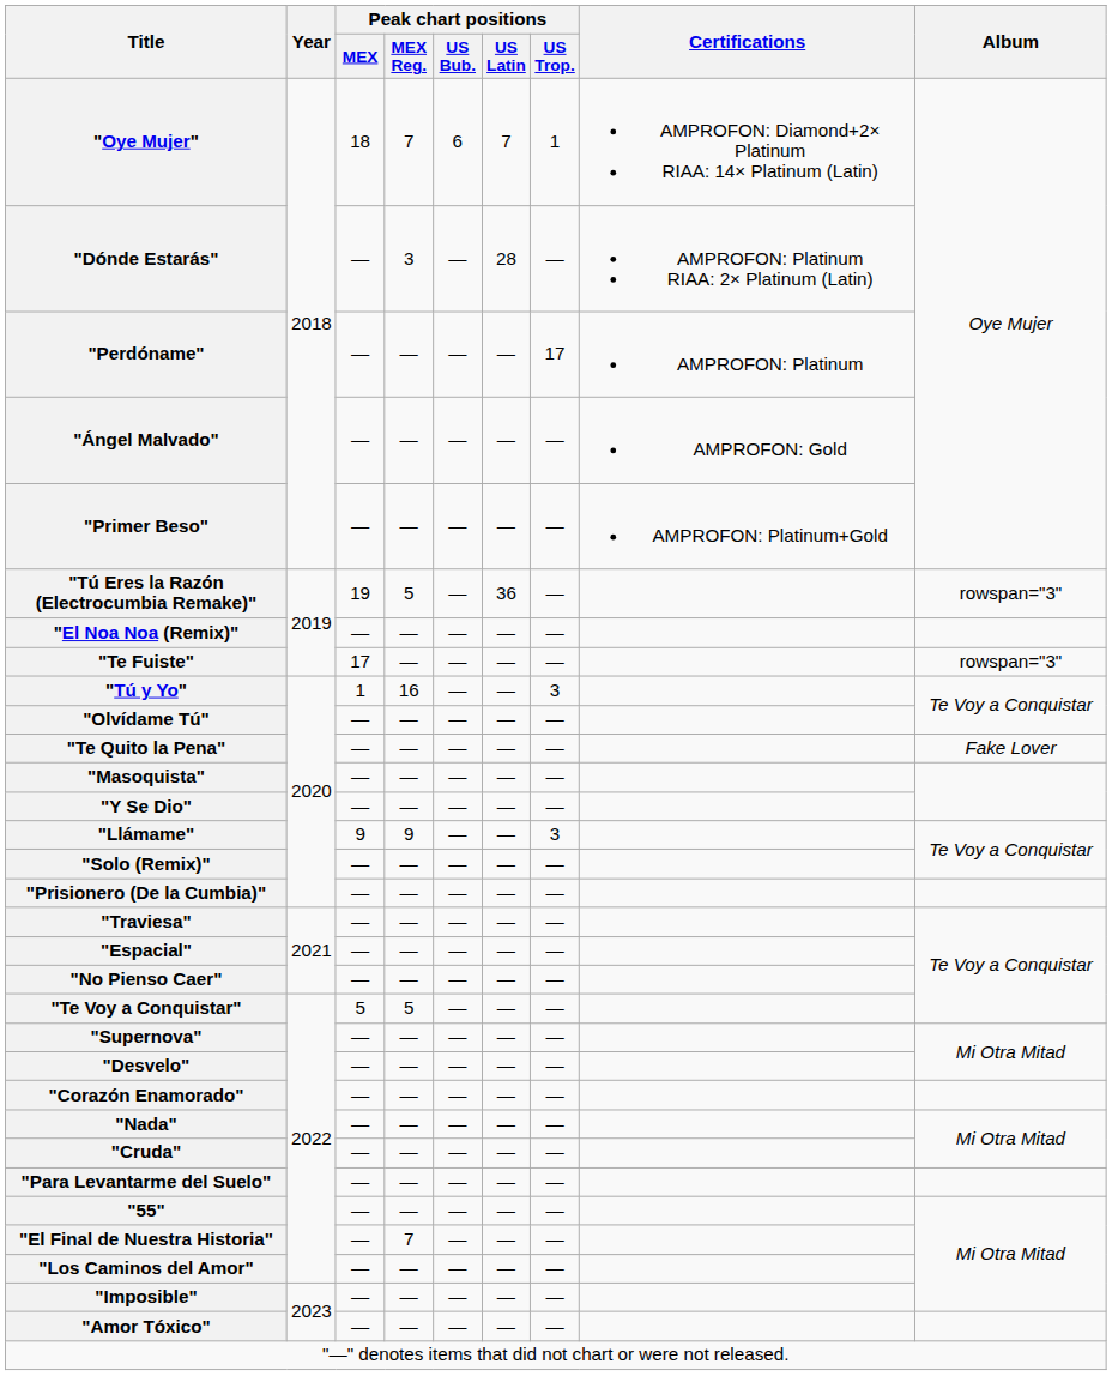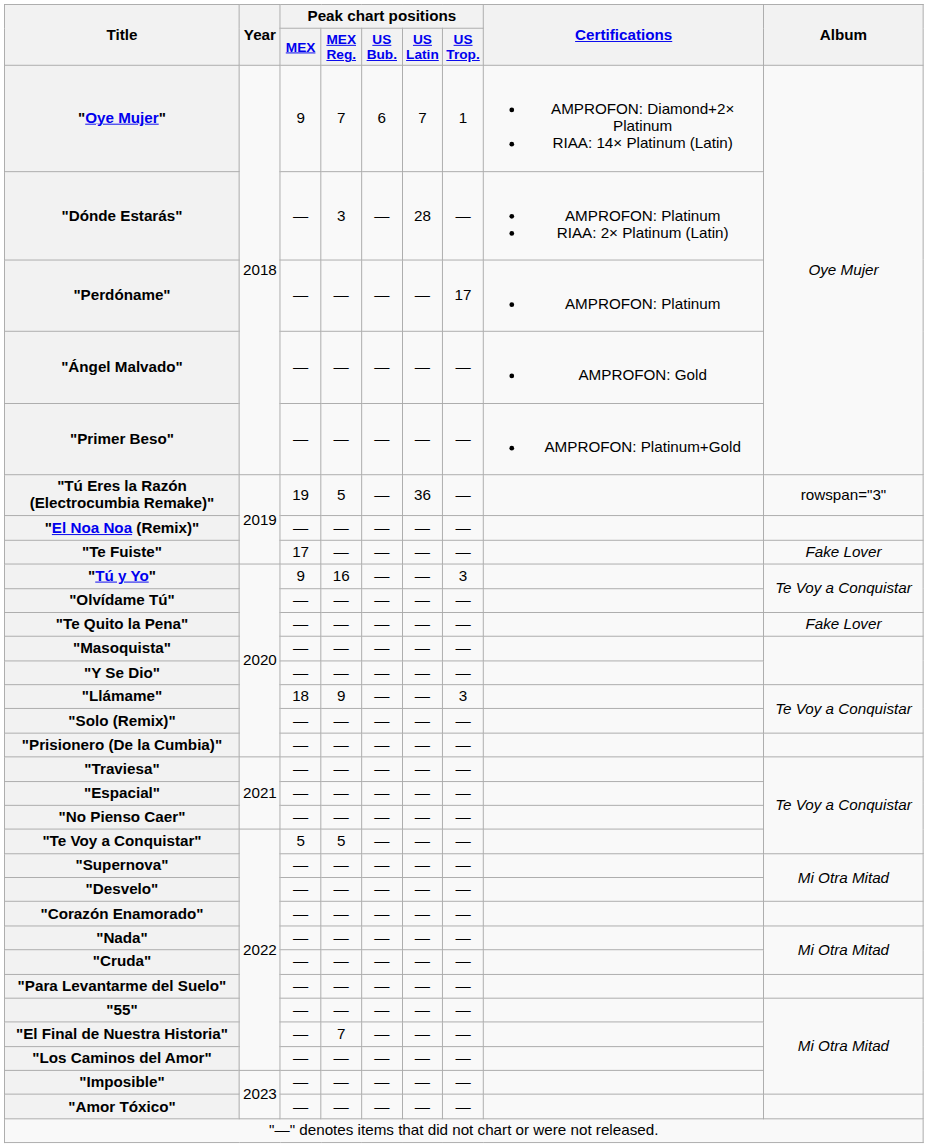 <table class="wikitable plainrowheaders" style="text-align:center;">
 <tr>
 <th rowspan="2" scope="col" style="width:15em;">Title</th>
 <th rowspan="2" scope="col" style="width:2em;">Year</th>
 <th colspan="5" scope="col">Peak chart positions</th>
 <th rowspan="2" scope="col" style="width:18em;"><a href='#'>Certifications</a></th>
 <th rowspan="2" scope="col" style="width:10em;">Album</th>
 </tr>
 <tr>
 <th scope="col" style="width:2.5em;font-size:90%;"><a href='#'>MEX</a><br></th>
 <th scope="col" style="width:2.5em;font-size:90%;"><a href='#'>MEX<br>Reg.</a><br></th>
 <th scope="col" style="width:2.5em;font-size:90%;"><a href='#'>US<br>Bub.</a><br></th>
 <th scope="col" style="width:2.5em;font-size:90%;"><a href='#'>US<br>Latin</a><br></th>
 <th scope="col" style="width:2.5em;font-size:90%;"><a href='#'>US<br>Trop.</a><br></th>
 </tr>
 <tr>
 <th scope="row">"<a href='#'>Oye Mujer</a>"<br></th>
 <td rowspan="5">2018</td>
-<td>18</td>
+<td>9</td>
 <td>7</td>
 <td>6</td>
 <td>7</td>
 <td>1</td>
 <td><br><ul><li>AMPROFON: Diamond+2× Platinum</li><li>RIAA: 14× Platinum (Latin)</li></ul></td>
 <td rowspan="5"><em>Oye Mujer</em></td>
 </tr>
 <tr>
 <th scope="row">"Dónde Estarás"</th>
 <td>—</td>
 <td>3</td>
 <td>—</td>
 <td>28</td>
 <td>—</td>
 <td><br><ul><li>AMPROFON: Platinum</li><li>RIAA: 2× Platinum (Latin)</li></ul></td>
 </tr>
 <tr>
 <th scope="row">"Perdóname"</th>
 <td>—</td>
 <td>—</td>
 <td>—</td>
 <td>—</td>
 <td>17</td>
 <td><br><ul><li>AMPROFON: Platinum</li></ul></td>
 </tr>
 <tr>
 <th scope="row">"Ángel Malvado"</th>
 <td>—</td>
 <td>—</td>
 <td>—</td>
 <td>—</td>
 <td>—</td>
 <td><br><ul><li>AMPROFON: Gold</li></ul></td>
 </tr>
 <tr>
 <th scope="row">"Primer Beso"</th>
 <td>—</td>
 <td>—</td>
 <td>—</td>
 <td>—</td>
 <td>—</td>
 <td><br><ul><li>AMPROFON: Platinum+Gold</li></ul></td>
 </tr>
 <tr>
 <th scope="row">"Tú Eres la Razón (Electrocumbia Remake)"</th>
 <td rowspan="3">2019</td>
 <td>19</td>
 <td>5</td>
 <td>—</td>
 <td>36</td>
 <td>—</td>
 <td></td>
 <td>rowspan="3" </td>
 </tr>
 <tr>
 <th scope="row">"<a href='#'>El Noa Noa</a> (Remix)"<br></th>
 <td>—</td>
 <td>—</td>
 <td>—</td>
 <td>—</td>
 <td>—</td>
 <td></td>
 <td></td>
 </tr>
 <tr>
 <th scope="row">"Te Fuiste"</th>
 <td>17</td>
 <td>—</td>
 <td>—</td>
 <td>—</td>
 <td>—</td>
 <td></td>
-<td>rowspan="3" </td>
+<td><em>Fake Lover</em></td>
 </tr>
 <tr>
 <th scope="row">"<a href='#'>Tú y Yo</a>"<br></th>
 <td rowspan="8">2020</td>
-<td>1</td>
+<td>9</td>
 <td>16</td>
 <td>—</td>
 <td>—</td>
 <td>3</td>
 <td></td>
 <td rowspan="2"><em>Te Voy a Conquistar</em></td>
 </tr>
 <tr>
 <th scope="row">"Olvídame Tú"<br></th>
 <td>—</td>
 <td>—</td>
 <td>—</td>
 <td>—</td>
 <td>—</td>
 <td></td>
 </tr>
 <tr>
 <th scope="row">"Te Quito la Pena"<br></th>
 <td>—</td>
 <td>—</td>
 <td>—</td>
 <td>—</td>
 <td>—</td>
 <td></td>
 <td><em>Fake Lover</em></td>
 </tr>
 <tr>
 <th scope="row">"Masoquista"<br></th>
 <td>—</td>
 <td>—</td>
 <td>—</td>
 <td>—</td>
 <td>—</td>
 <td></td>
 </tr>
 <tr>
 <th scope="row">"Y Se Dio"<br></th>
 <td>—</td>
 <td>—</td>
 <td>—</td>
 <td>—</td>
 <td>—</td>
 <td></td>
 </tr>
 <tr>
 <th scope="row">"Llámame"</th>
-<td>9</td>
+<td>18</td>
 <td>9</td>
 <td>—</td>
 <td>—</td>
 <td>3</td>
 <td></td>
 <td rowspan="2"><em>Te Voy a Conquistar</em></td>
 </tr>
 <tr>
 <th scope="row">"Solo (Remix)"<br></th>
 <td>—</td>
 <td>—</td>
 <td>—</td>
 <td>—</td>
 <td>—</td>
 <td></td>
 </tr>
 <tr>
 <th scope="row">"Prisionero (De la Cumbia)"<br></th>
 <td>—</td>
 <td>—</td>
 <td>—</td>
 <td>—</td>
 <td>—</td>
 <td></td>
 <td></td>
 </tr>
 <tr>
 <th scope="row">"Traviesa"<br></th>
 <td rowspan="3">2021</td>
 <td>—</td>
 <td>—</td>
 <td>—</td>
 <td>—</td>
 <td>—</td>
 <td></td>
 <td rowspan="4"><em>Te Voy a Conquistar</em></td>
 </tr>
 <tr>
 <th scope="row">"Espacial"</th>
 <td>—</td>
 <td>—</td>
 <td>—</td>
 <td>—</td>
 <td>—</td>
 <td></td>
 </tr>
 <tr>
 <th scope="row">"No Pienso Caer"</th>
 <td>—</td>
 <td>—</td>
 <td>—</td>
 <td>—</td>
 <td>—</td>
 <td></td>
 </tr>
 <tr>
 <th scope="row">"Te Voy a Conquistar"</th>
 <td rowspan="10">2022</td>
 <td>5</td>
 <td>5</td>
 <td>—</td>
 <td>—</td>
 <td>—</td>
 <td></td>
 </tr>
 <tr>
 <th scope="row">"Supernova"</th>
 <td>—</td>
 <td>—</td>
 <td>—</td>
 <td>—</td>
 <td>—</td>
 <td></td>
 <td rowspan="2"><em>Mi Otra Mitad</em></td>
 </tr>
 <tr>
 <th scope="row">"Desvelo"<br></th>
 <td>—</td>
 <td>—</td>
 <td>—</td>
 <td>—</td>
 <td>—</td>
 <td></td>
 </tr>
 <tr>
 <th scope="row">"Corazón Enamorado"<br></th>
 <td>—</td>
 <td>—</td>
 <td>—</td>
 <td>—</td>
 <td>—</td>
 <td></td>
 <td></td>
 </tr>
 <tr>
 <th scope="row">"Nada"</th>
 <td>—</td>
 <td>—</td>
 <td>—</td>
 <td>—</td>
 <td>—</td>
 <td></td>
 <td rowspan="2"><em>Mi Otra Mitad</em></td>
 </tr>
 <tr>
 <th scope="row">"Cruda"<br></th>
 <td>—</td>
 <td>—</td>
 <td>—</td>
 <td>—</td>
 <td>—</td>
 <td></td>
 </tr>
 <tr>
 <th scope="row">"Para Levantarme del Suelo"<br></th>
 <td>—</td>
 <td>—</td>
 <td>—</td>
 <td>—</td>
 <td>—</td>
 <td></td>
 <td></td>
 </tr>
 <tr>
 <th scope="row">"55"<br></th>
 <td>—</td>
 <td>—</td>
 <td>—</td>
 <td>—</td>
 <td>—</td>
 <td></td>
 <td rowspan="4"><em>Mi Otra Mitad</em></td>
 </tr>
 <tr>
 <th scope="row">"El Final de Nuestra Historia"<br></th>
 <td>—</td>
 <td>7</td>
 <td>—</td>
 <td>—</td>
 <td>—</td>
 <td></td>
 </tr>
 <tr>
 <th scope="row">"Los Caminos del Amor"</th>
 <td>—</td>
 <td>—</td>
 <td>—</td>
 <td>—</td>
 <td>—</td>
 <td></td>
 </tr>
 <tr>
 <th scope="row">"Imposible"</th>
 <td rowspan="2">2023</td>
 <td>—</td>
 <td>—</td>
 <td>—</td>
 <td>—</td>
 <td>—</td>
 <td></td>
 </tr>
 <tr>
 <th scope="row">"Amor Tóxico"<br></th>
 <td>—</td>
 <td>—</td>
 <td>—</td>
 <td>—</td>
 <td>—</td>
 <td></td>
 <td></td>
 </tr>
 <tr>
 <td colspan="11" style="text-align:center;">"—" denotes items that did not chart or were not released.</td>
 </tr>
 </table>
